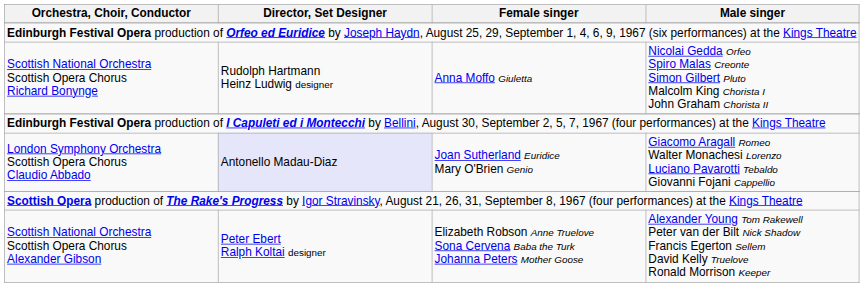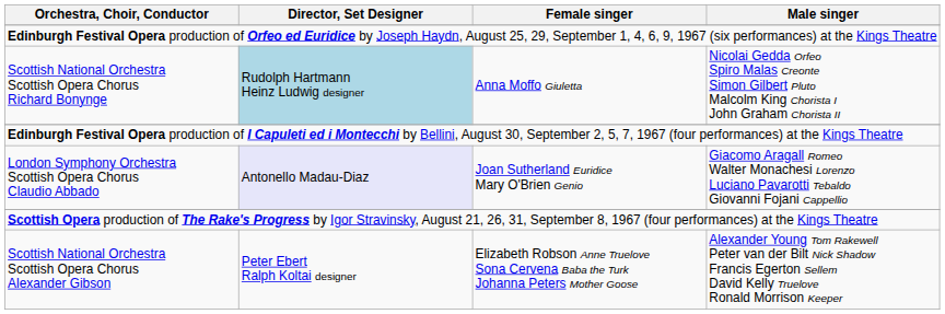 <table class="wikitable toptextcells">
 <tr class="hintergrundfarbe5">
 <th style="width:25%;">Orchestra, Choir, Conductor</th>
 <th style="width:25%;">Director, Set Designer</th>
 <th style="width:25%;">Female singer</th>
 <th style="width:25%;">Male singer</th>
 </tr>
 <tr>
 </tr>
 <tr class="hintergrundfarbe8">
 <td colspan="9"><strong>Edinburgh Festival Opera</strong> production of <strong><em><a href='#'>Orfeo ed Euridice</a></em></strong> by <a href='#'>Joseph Haydn</a>, August 25, 29, September 1, 4, 6, 9, 1967 (six performances) at the <a href='#'>Kings Theatre</a></td>
 </tr>
 <tr>
 <td><a href='#'>Scottish National Orchestra</a><br>Scottish Opera Chorus<br><a href='#'>Richard Bonynge</a></td>
-<td>Rudolph Hartmann<br>Heinz Ludwig <small>designer</small></td>
+<td style="background: lightblue;">Rudolph Hartmann<br>Heinz Ludwig <small>designer</small></td>
 <td><a href='#'>Anna Moffo</a> <small><em>Giuletta</em></small></td>
 <td><a href='#'>Nicolai Gedda</a> <small><em>Orfeo</em></small><br><a href='#'>Spiro Malas</a> <small><em>Creonte</em></small><br><a href='#'>Simon Gilbert</a> <small><em>Pluto</em></small><br>Malcolm King <small><em>Chorista I</em></small><br>John Graham <small><em>Chorista II</em></small></td>
 </tr>
 <tr>
 </tr>
 <tr class="hintergrundfarbe8">
 <td colspan="9"><strong>Edinburgh Festival Opera</strong> production of <strong><em><a href='#'>I Capuleti ed i Montecchi</a></em></strong> by <a href='#'>Bellini</a>, August 30, September 2, 5, 7, 1967 (four performances) at the <a href='#'>Kings Theatre</a></td>
 </tr>
 <tr>
 <td><a href='#'>London Symphony Orchestra</a><br>Scottish Opera Chorus<br><a href='#'>Claudio Abbado</a></td>
 <td style="background: lavender;">Antonello Madau-Diaz</td>
 <td><a href='#'>Joan Sutherland</a> <small><em>Euridice</em></small><br>Mary O'Brien <small><em>Genio</em></small></td>
 <td><a href='#'>Giacomo Aragall</a> <small><em>Romeo</em></small><br>Walter Monachesi <small><em>Lorenzo</em></small><br><a href='#'>Luciano Pavarotti</a> <small><em>Tebaldo</em></small><br>Giovanni Fojani <small><em>Cappellio</em></small></td>
 </tr>
 <tr>
 </tr>
 <tr class="hintergrundfarbe8">
 <td colspan="9"><strong><a href='#'>Scottish Opera</a></strong> production of <strong><em><a href='#'>The Rake's Progress</a></em></strong> by <a href='#'>Igor Stravinsky</a>, August 21, 26, 31, September 8, 1967 (four performances) at the <a href='#'>Kings Theatre</a></td>
 </tr>
 <tr>
 <td><a href='#'>Scottish National Orchestra</a><br>Scottish Opera Chorus<br><a href='#'>Alexander Gibson</a></td>
 <td><a href='#'>Peter Ebert</a><br><a href='#'>Ralph Koltai</a> <small>designer</small></td>
 <td>Elizabeth Robson <small><em>Anne Truelove</em></small><br><a href='#'>Sona Cervena</a> <small><em>Baba the Turk</em></small><br><a href='#'>Johanna Peters</a> <small><em>Mother Goose</em></small></td>
 <td><a href='#'>Alexander Young</a> <small><em>Tom Rakewell</em></small><br>Peter van der Bilt <small><em>Nick Shadow</em></small><br>Francis Egerton <small><em>Sellem</em></small><br>David Kelly <small><em>Truelove</em></small><br>Ronald Morrison <small><em>Keeper</em></small></td>
 </tr>
 </table>
